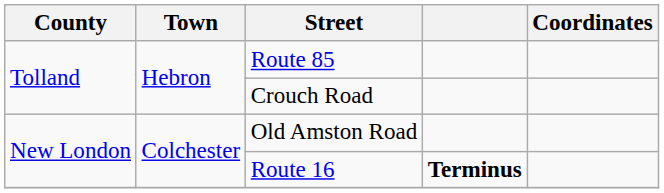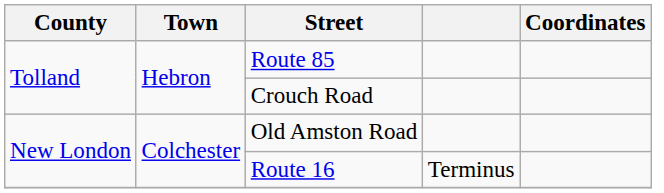 <table class="wikitable">
 <tr>
 <th>County</th>
 <th>Town</th>
 <th>Street</th>
 <th></th>
 <th>Coordinates</th>
 </tr>
 <tr>
 <td rowspan="2"><a href='#'>Tolland</a></td>
 <td rowspan="2"><a href='#'>Hebron</a></td>
 <td> <a href='#'>Route 85</a></td>
 <td></td>
 <td></td>
 </tr>
 <tr>
 <td>Crouch Road</td>
 <td></td>
 <td></td>
 </tr>
 <tr>
 <td rowspan="2"><a href='#'>New London</a></td>
 <td rowspan="2"><a href='#'>Colchester</a></td>
 <td>Old Amston Road</td>
 <td></td>
 <td></td>
 </tr>
 <tr>
 <td> <a href='#'>Route 16</a></td>
-<td><strong>Terminus</strong></td>
+<td>Terminus</td>
 <td></td>
 </tr>
 <tr>
 </tr>
 </table>
